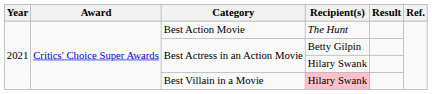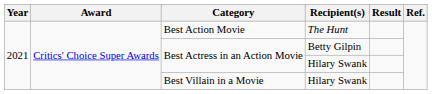 <table class="wikitable sortable">
 <tr style="background:#ccc; text-align:center;">
 <th>Year</th>
 <th>Award</th>
 <th>Category</th>
 <th>Recipient(s)</th>
 <th>Result</th>
 <th class="unsortable">Ref.</th>
 </tr>
 <tr>
 <td rowspan="4">2021</td>
 <td rowspan="4"><a href='#'>Critics' Choice Super Awards</a></td>
 <td>Best Action Movie</td>
 <td><em>The Hunt</em></td>
 <td></td>
 <td style="text-align:center"; rowspan="4"></td>
 </tr>
 <tr>
 <td rowspan="2">Best Actress in an Action Movie</td>
 <td>Betty Gilpin</td>
 <td></td>
 </tr>
 <tr>
 <td>Hilary Swank</td>
 <td></td>
 </tr>
 <tr>
 <td>Best Villain in a Movie</td>
-<td style="background: pink;">Hilary Swank</td>
+<td>Hilary Swank</td>
 <td></td>
 </tr>
 </table>
